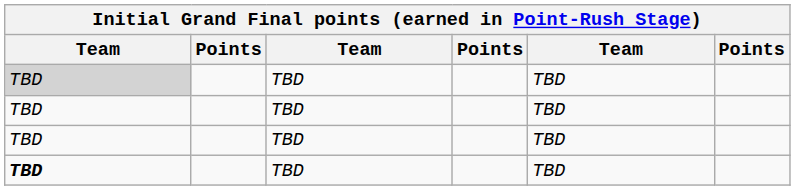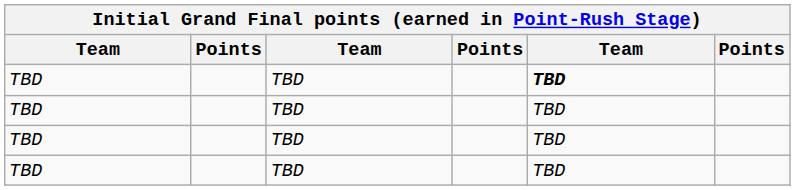 <table class="wikitable" style="text-align:center">
 <tr>
 <th colspan="6">Initial Grand Final points (earned in <a href='#'>Point-Rush Stage</a>)</th>
 </tr>
 <tr>
 <th width="125px">Team</th>
 <th>Points</th>
 <th width="125px">Team</th>
 <th>Points</th>
 <th width="125px">Team</th>
 <th>Points</th>
 </tr>
 <tr>
-<td align=left style="background: lightgrey;"> <em>TBD</em></td>
+<td align=left> <em>TBD</em></td>
+<td></td>
+<td align=left> <em>TBD</em></td>
+<td></td>
+<td align=left><strong> <em>TBD</em></strong></td>
+<td></td>
+</tr>
+<tr>
+<td align=left> <em>TBD</em></td>
 <td></td>
 <td align=left> <em>TBD</em></td>
 <td></td>
 <td align=left> <em>TBD</em></td>
 <td></td>
 </tr>
 <tr>
 <td align=left> <em>TBD</em></td>
 <td></td>
 <td align=left> <em>TBD</em></td>
 <td></td>
 <td align=left> <em>TBD</em></td>
 <td></td>
 </tr>
 <tr>
 <td align=left> <em>TBD</em></td>
 <td></td>
 <td align=left> <em>TBD</em></td>
 <td></td>
 <td align=left> <em>TBD</em></td>
 <td></td>
 </tr>
-<tr>
-<td align=left><strong> <em>TBD</em></strong></td>
-<td></td>
-<td align=left> <em>TBD</em></td>
-<td></td>
-<td align=left> <em>TBD</em></td>
-<td></td>
-</tr>
 </table>
